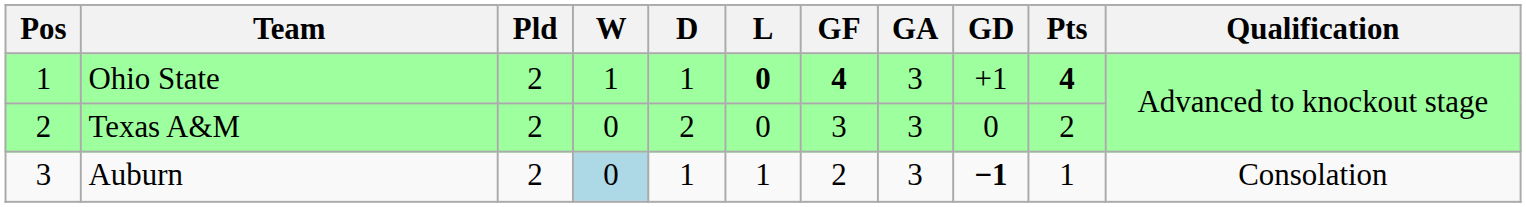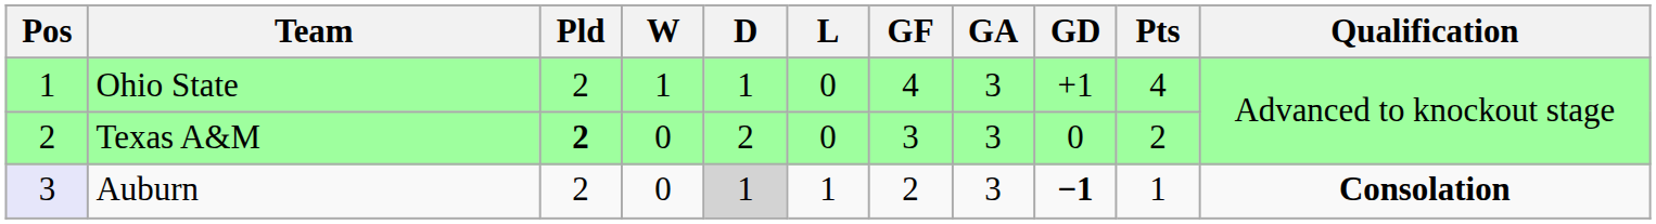 <table class="wikitable" style="text-align:center; margin: 1em auto">
 <tr>
 <th style="width:2em">Pos</th>
 <th style="width:13em">Team</th>
 <th style="width:2em">Pld</th>
 <th style="width:2em">W</th>
 <th style="width:2em">D</th>
 <th style="width:2em">L</th>
 <th style="width:2em">GF</th>
 <th style="width:2em">GA</th>
 <th style="width:2em">GD</th>
 <th style="width:2em">Pts</th>
 <th style="width:13em">Qualification</th>
 </tr>
 <tr bgcolor="#9eff9e">
 <td>1</td>
 <td style="text-align:left">Ohio State</td>
 <td>2</td>
 <td>1</td>
 <td>1</td>
-<td><strong>0</strong></td>
-<td><strong>4</strong></td>
+<td>0</td>
+<td>4</td>
 <td>3</td>
 <td>+1</td>
-<td><strong>4</strong></td>
+<td>4</td>
 <td rowspan="2">Advanced to knockout stage</td>
 </tr>
 <tr bgcolor="#9eff9e">
 <td>2</td>
 <td style="text-align:left">Texas A&M</td>
-<td>2</td>
+<td><strong>2</strong></td>
 <td>0</td>
 <td>2</td>
 <td>0</td>
 <td>3</td>
 <td>3</td>
 <td>0</td>
 <td>2</td>
 </tr>
 <tr>
-<td>3</td>
+<td style="background: lavender;">3</td>
 <td style="text-align:left">Auburn</td>
 <td>2</td>
-<td style="background: lightblue;">0</td>
-<td>1</td>
+<td>0</td>
+<td style="background: lightgrey;">1</td>
 <td>1</td>
 <td>2</td>
 <td>3</td>
 <td><strong>−1</strong></td>
 <td>1</td>
-<td>Consolation</td>
+<td><strong>Consolation</strong></td>
 </tr>
 </table>
